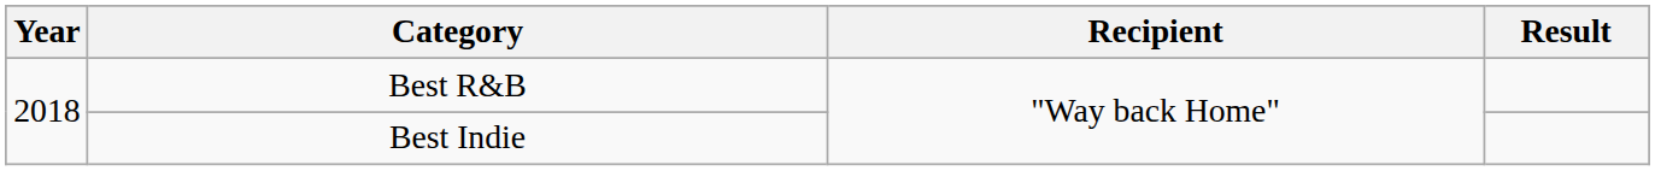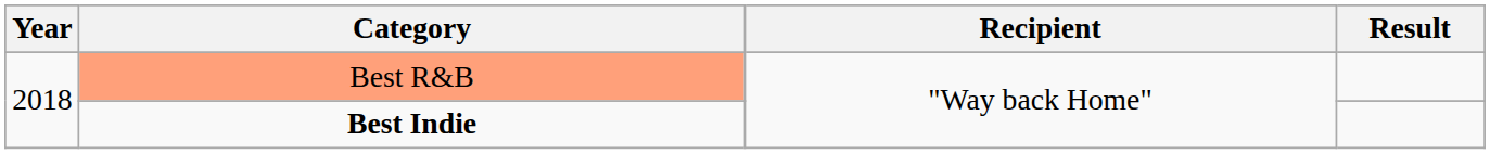 <table class="wikitable" style="text-align:center">
 <tr>
 <th width="5%">Year</th>
 <th width="45%">Category</th>
 <th width="40%">Recipient</th>
 <th width="10%">Result</th>
 </tr>
 <tr>
 <td rowspan="2">2018</td>
-<td>Best R&B</td>
+<td style="background: lightsalmon;">Best R&B</td>
 <td rowspan="2">"Way back Home"</td>
 <td></td>
 </tr>
 <tr>
-<td>Best Indie</td>
+<td><strong>Best Indie</strong></td>
 <td></td>
 </tr>
 </table>
